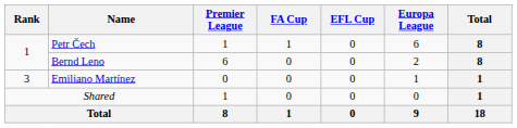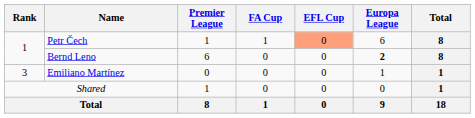 <table class="wikitable" style="text-align: center;">
 <tr>
 <th style="width:56px;">Rank</th>
 <th style="width:200px;">Name</th>
 <th style="width:84px;"><a href='#'>Premier League</a></th>
 <th style="width:84px;"><a href='#'>FA Cup</a></th>
 <th style="width:84px;"><a href='#'>EFL Cup</a></th>
 <th style="width:84px;"><a href='#'>Europa League</a></th>
 <th style="width:84px;">Total</th>
 </tr>
 <tr>
 <td rowspan="2">1</td>
 <td align=left> <a href='#'>Petr Čech</a></td>
 <td>1</td>
 <td>1</td>
-<td>0</td>
+<td style="background: lightsalmon;">0</td>
 <td>6</td>
 <th>8</th>
 </tr>
 <tr>
 <td align=left> <a href='#'>Bernd Leno</a></td>
 <td>6</td>
 <td>0</td>
 <td>0</td>
-<td>2</td>
+<td><strong>2</strong></td>
 <th>8</th>
 </tr>
 <tr>
 <td>3</td>
 <td align=left> <a href='#'>Emiliano Martínez</a></td>
 <td>0</td>
 <td>0</td>
 <td>0</td>
 <td>1</td>
 <th>1</th>
 </tr>
 <tr>
 <td colspan="2"><em>Shared</em></td>
 <td>1</td>
 <td>0</td>
 <td>0</td>
 <td>0</td>
 <th>1</th>
 </tr>
 <tr>
 <th colspan="2">Total</th>
 <th>8</th>
 <th>1</th>
 <th>0</th>
 <th>9</th>
 <th>18</th>
 </tr>
 </table>
